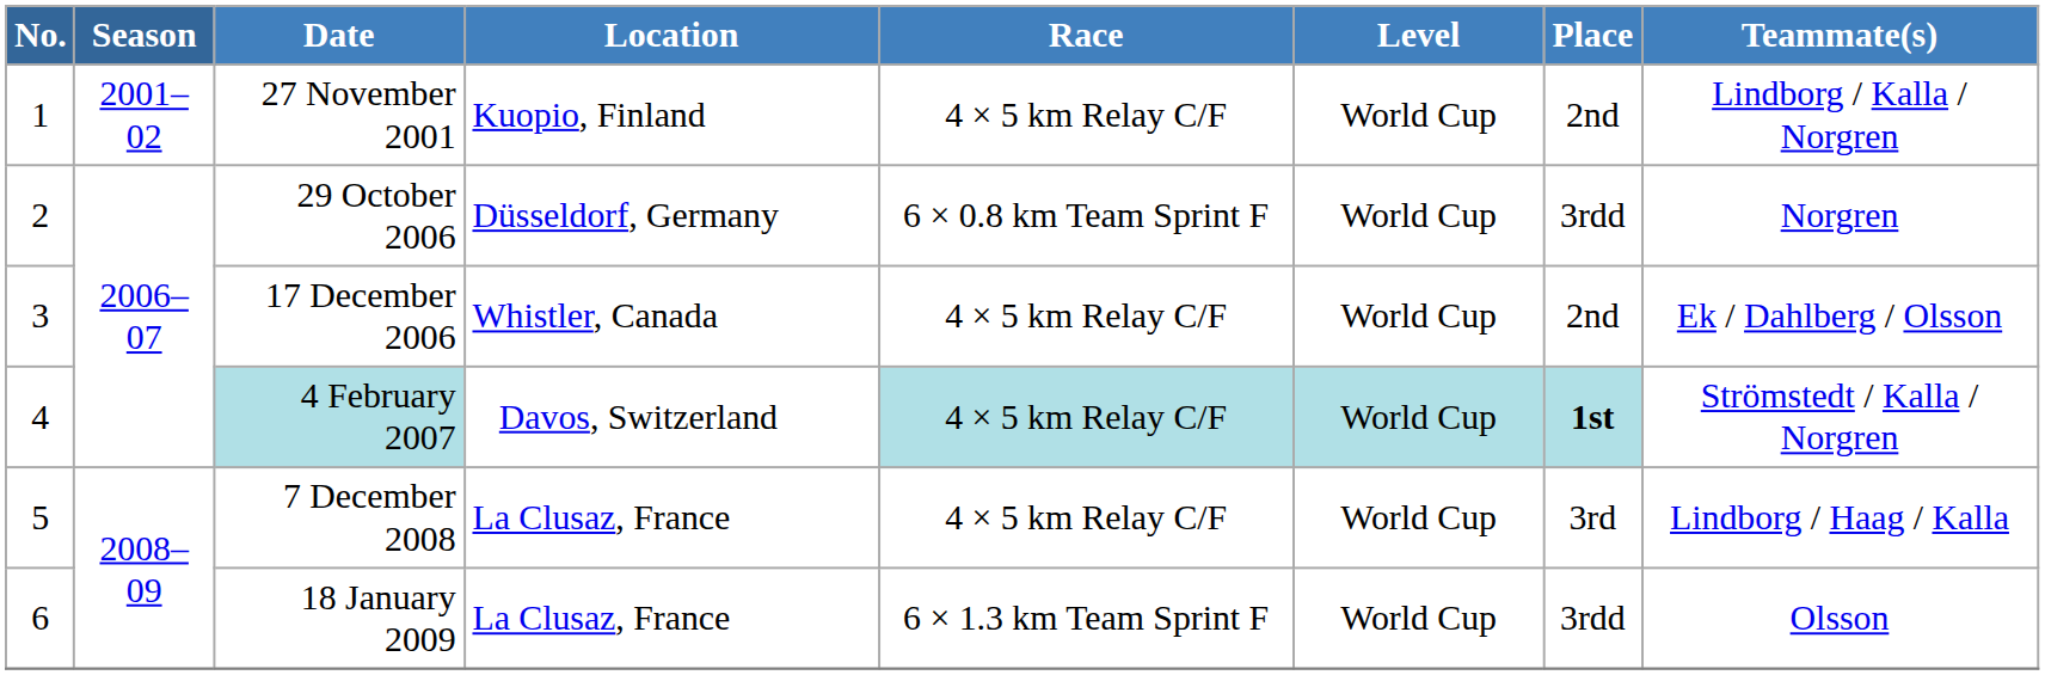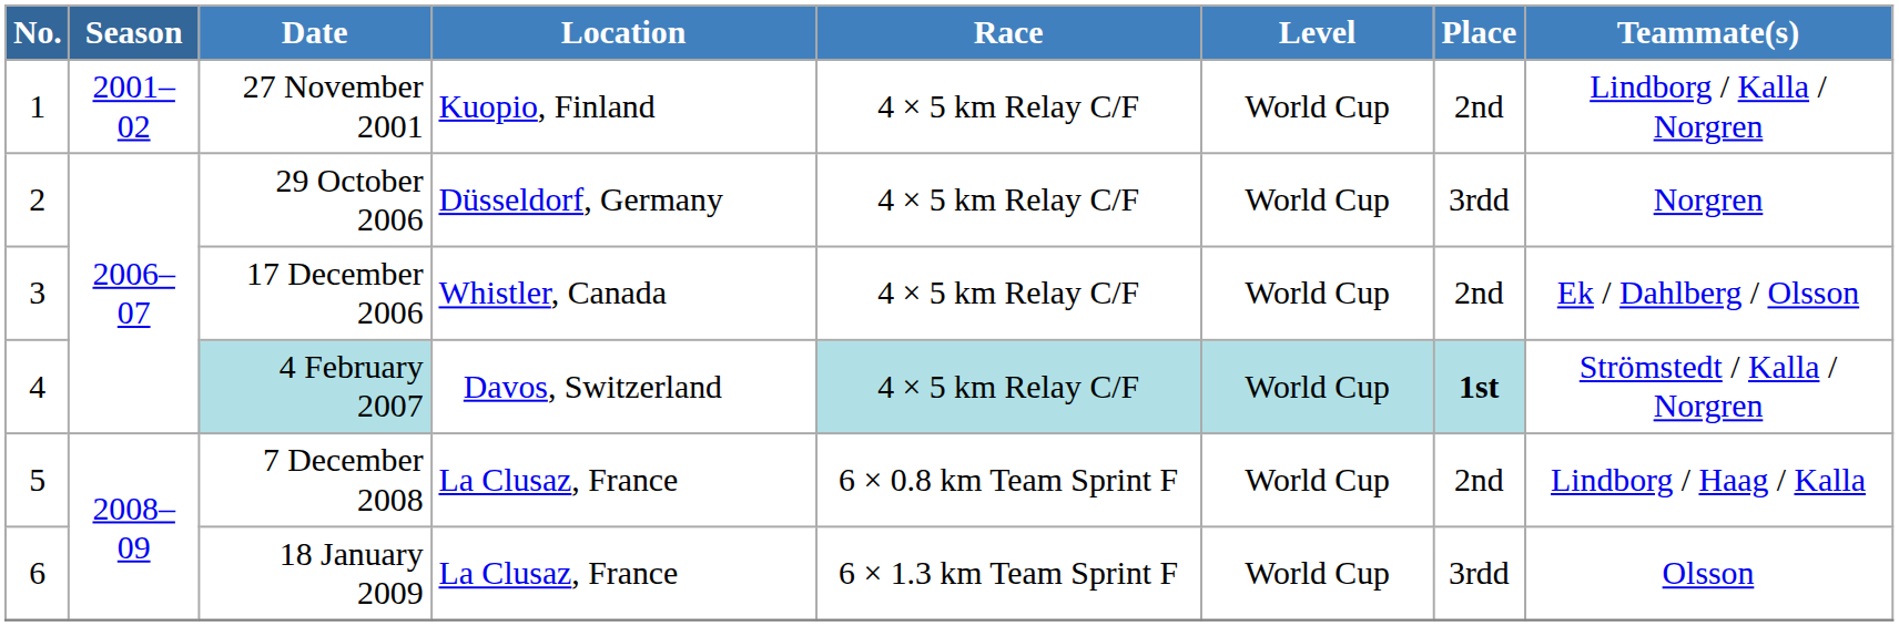 <table class="wikitable sortable" style="font-size:95%; text-align:center; border:grey solid 1px; border-collapse:collapse; background:#ffffff;">
 <tr style="background:#efefef;">
 <th style="background-color:#369; color:white;">No.</th>
 <th style="background-color:#369; color:white;">Season</th>
 <th style="background-color:#4180be; color:white; width:100px;">Date</th>
 <th style="background-color:#4180be; color:white; width:170px;">Location</th>
 <th style="background-color:#4180be; color:white; width:170px;">Race</th>
 <th style="background-color:#4180be; color:white; width:100px;">Level</th>
 <th style="background-color:#4180be; color:white;">Place</th>
 <th style="background-color:#4180be; color:white;">Teammate(s)</th>
 </tr>
 <tr>
 <td align=center>1</td>
 <td rowspan=1 align=center><a href='#'>2001–02</a></td>
 <td align=right>27 November 2001</td>
 <td align=left> <a href='#'>Kuopio</a>, Finland</td>
 <td>4 × 5 km Relay C/F</td>
 <td>World Cup</td>
 <td>2nd</td>
 <td><a href='#'>Lindborg</a> / <a href='#'>Kalla</a> / <a href='#'>Norgren</a></td>
 </tr>
 <tr>
 <td align=center>2</td>
 <td rowspan=3 align=center><a href='#'>2006–07</a></td>
 <td align=right>29 October 2006</td>
 <td align=left> <a href='#'>Düsseldorf</a>, Germany</td>
-<td>6 × 0.8 km Team Sprint F</td>
+<td>4 × 5 km Relay C/F</td>
 <td>World Cup</td>
 <td>3rdd</td>
 <td><a href='#'>Norgren</a></td>
 </tr>
 <tr>
 <td align=center>3</td>
 <td align=right>17 December 2006</td>
 <td align=left> <a href='#'>Whistler</a>, Canada</td>
 <td>4 × 5 km Relay C/F</td>
 <td>World Cup</td>
 <td>2nd</td>
 <td><a href='#'>Ek</a> / <a href='#'>Dahlberg</a> / <a href='#'>Olsson</a></td>
 </tr>
 <tr>
 <td align=center>4</td>
 <td bgcolor="#BOEOE6" align=right>4 February 2007</td>
 <td align=left>   <a href='#'>Davos</a>, Switzerland</td>
 <td bgcolor="#BOEOE6">4 × 5 km Relay C/F</td>
 <td bgcolor="#BOEOE6">World Cup</td>
 <td bgcolor="#BOEOE6"><strong>1st</strong></td>
 <td><a href='#'>Strömstedt</a> / <a href='#'>Kalla</a> / <a href='#'>Norgren</a></td>
 </tr>
 <tr>
 <td align=center>5</td>
 <td rowspan=2 align=center><a href='#'>2008–09</a></td>
 <td align=right>7 December 2008</td>
 <td align=left> <a href='#'>La Clusaz</a>, France</td>
-<td>4 × 5 km Relay C/F</td>
+<td>6 × 0.8 km Team Sprint F</td>
 <td>World Cup</td>
-<td>3rd</td>
+<td>2nd</td>
 <td><a href='#'>Lindborg</a> / <a href='#'>Haag</a> / <a href='#'>Kalla</a></td>
 </tr>
 <tr>
 <td align=center>6</td>
 <td align=right>18 January 2009</td>
 <td align=left> <a href='#'>La Clusaz</a>, France</td>
 <td>6 × 1.3 km Team Sprint F</td>
 <td>World Cup</td>
 <td>3rdd</td>
 <td><a href='#'>Olsson</a></td>
 </tr>
 <tr>
 </tr>
 </table>
